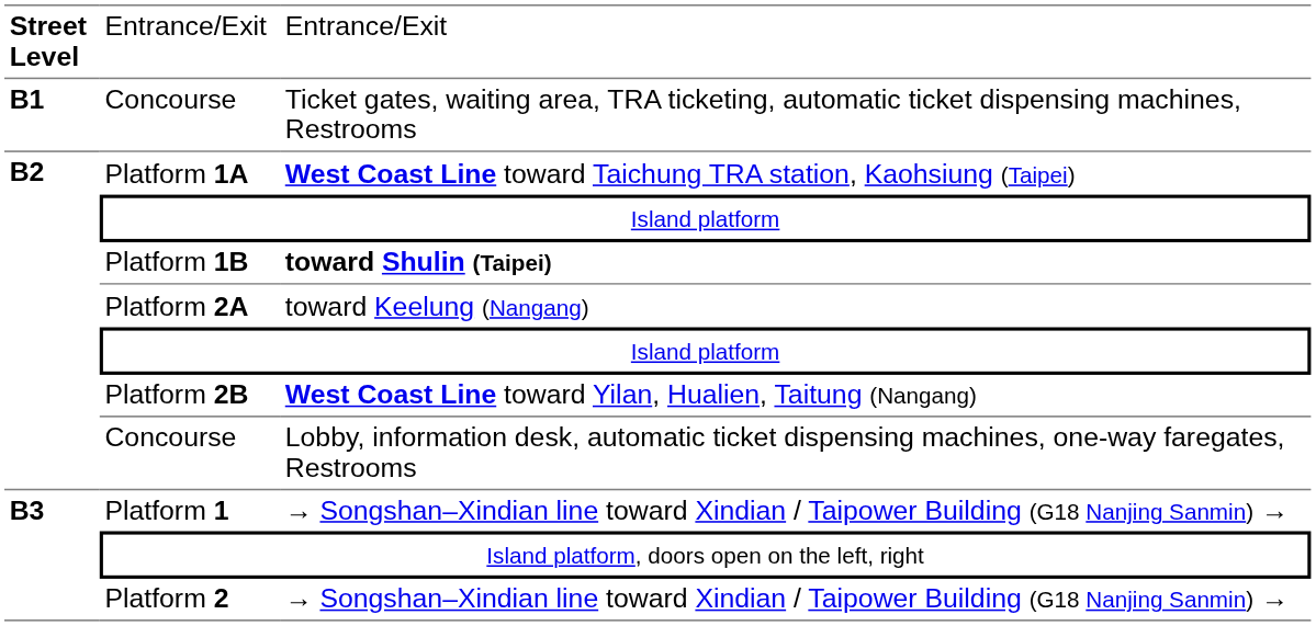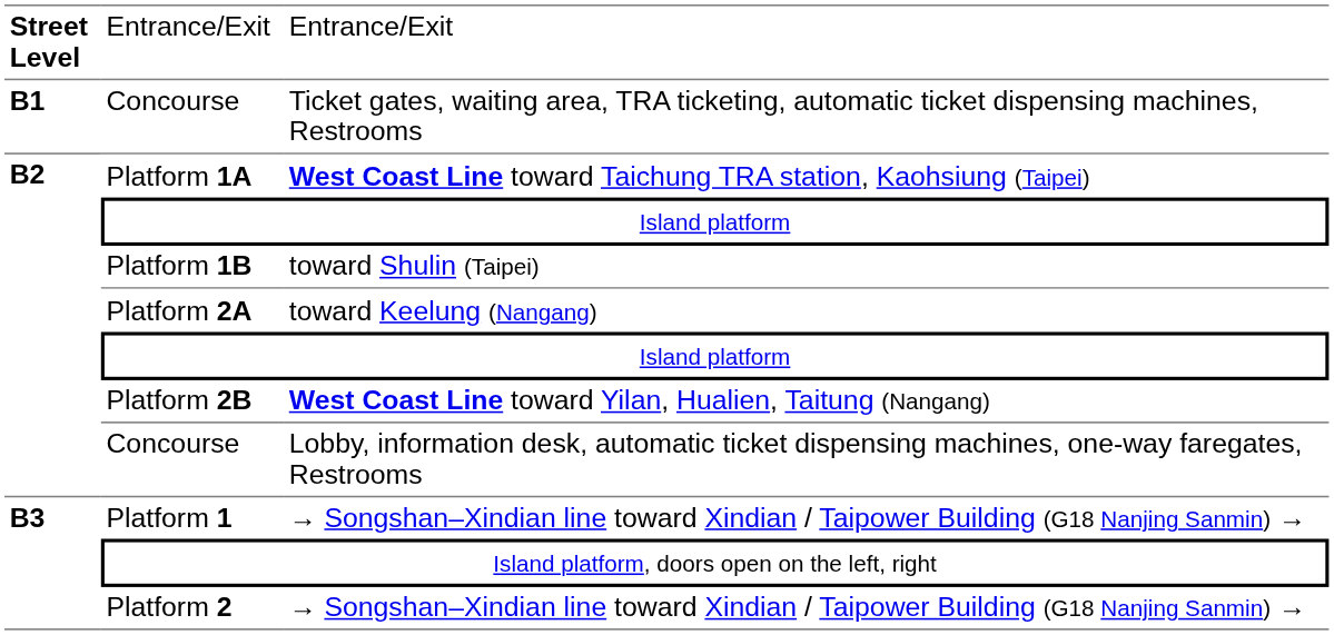 <table border=0 cellspacing=0 cellpadding=3>
 <tr>
 <td style="border-bottom:solid 1px gray;border-top:solid 1px gray;" width=50 valign=top><strong>Street Level</strong></td>
 <td style="border-top:solid 1px gray;border-bottom:solid 1px gray;" width=100 valign=top>Entrance/Exit</td>
 <td style="border-top:solid 1px gray;border-bottom:solid 1px gray;" width=600 valign=top>Entrance/Exit</td>
 </tr>
 <tr>
 <td style="border-bottom:solid 1px gray;" valign=top><strong>B1</strong></td>
 <td style="border-bottom:solid 1px gray;" valign=top>Concourse</td>
 <td style="border-bottom:solid 1px gray;" valign=top>Ticket gates, waiting area, TRA ticketing, automatic ticket dispensing machines, Restrooms</td>
 </tr>
 <tr>
 <td style="border-bottom:solid 1px gray;" rowspan=7 valign=top><strong>B2</strong></td>
 <td style="border-top:solid 1px white;" width=100>Platform <span><strong>1A</strong></span></td>
 <td style="border-top:solid 1px white;" width=600><strong><a href='#'><span>West Coast Line</span></a></strong> toward <a href='#'>Taichung TRA station</a>, <a href='#'>Kaohsiung</a> <small>(<a href='#'>Taipei</a>)</small></td>
 </tr>
 <tr>
 <td style="border-top:solid 2px black;border-right:solid 2px black;border-left:solid 2px black;border-bottom:solid 2px black;text-align:center;" colspan=2><small><a href='#'>Island platform</a></small></td>
 </tr>
 <tr>
 <td style="border-bottom:solid 1px gray;">Platform <span><strong>1B</strong></span></td>
-<td style="border-bottom:solid 1px gray;"><strong>toward <a href='#'>Shulin</a> <small>(Taipei)</small></strong></td>
+<td style="border-bottom:solid 1px gray;">toward <a href='#'>Shulin</a> <small>(Taipei)</small></td>
 </tr>
 <tr>
 <td style="border-top:solid 1px white;" width=100>Platform <span><strong>2A</strong></span></td>
 <td style="border-top:solid 1px white;" width=600>toward <a href='#'>Keelung</a> <small>(<a href='#'>Nangang</a>)</small></td>
 </tr>
 <tr>
 <td style="border-top:solid 2px black;border-right:solid 2px black;border-left:solid 2px black;border-bottom:solid 2px black;text-align:center;" colspan=2><small><a href='#'>Island platform</a></small></td>
 </tr>
 <tr>
 <td style="border-bottom:solid 1px gray;">Platform <span><strong>2B</strong></span></td>
 <td style="border-bottom:solid 1px gray;"><strong><a href='#'><span>West Coast Line</span></a></strong> toward <a href='#'>Yilan</a>, <a href='#'>Hualien</a>, <a href='#'>Taitung</a> <small>(Nangang)</small></td>
 </tr>
 <tr>
 <td style="border-bottom:solid 1px gray;" valign=top>Concourse</td>
 <td style="border-bottom:solid 1px gray;">Lobby, information desk, automatic ticket dispensing machines, one-way faregates, Restrooms</td>
 </tr>
 <tr>
 <td style="border-bottom:solid 1px gray;" rowspan=3 valign=top><strong>B3</strong></td>
 <td>Platform <span><strong>1</strong></span></td>
 <td><span>→</span>  <a href='#'>Songshan–Xindian line</a> toward <a href='#'>Xindian</a> / <a href='#'>Taipower Building</a> <small>(G18 <a href='#'>Nanjing Sanmin</a>)</small> →</td>
 </tr>
 <tr>
 <td style="border-top:solid 2px black;border-right:solid 2px black;border-left:solid 2px black;border-bottom:solid 2px black;text-align:center;" colspan=2><small><a href='#'>Island platform</a>, doors open on the left, right</small></td>
 </tr>
 <tr>
 <td style="border-bottom:solid 1px gray;">Platform <span><strong>2</strong></span></td>
 <td style="border-bottom:solid 1px gray;"><span>→</span>  <a href='#'>Songshan–Xindian line</a> toward <a href='#'>Xindian</a> / <a href='#'>Taipower Building</a> <small>(G18 <a href='#'>Nanjing Sanmin</a>)</small> →</td>
 </tr>
 </table>
